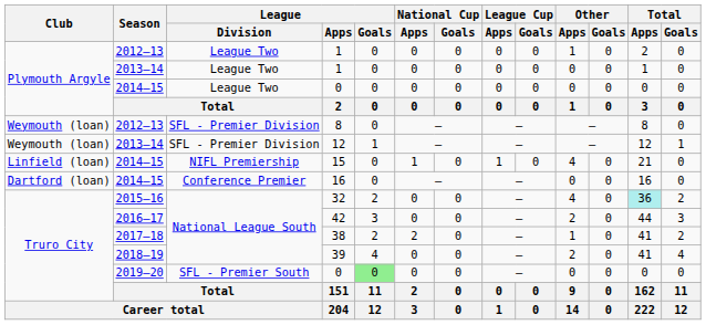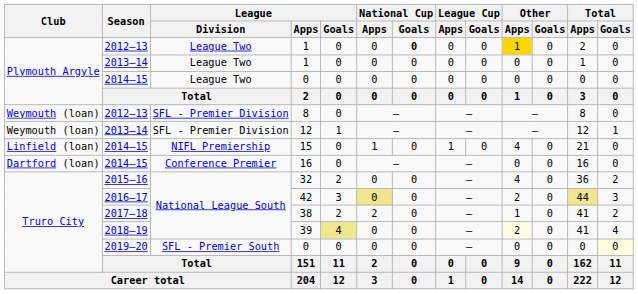 <table class="wikitable" style="text-align: center">
 <tr>
 <th rowspan="2">Club</th>
 <th rowspan="2">Season</th>
 <th colspan="3">League</th>
 <th colspan="2">National Cup</th>
 <th colspan="2">League Cup</th>
 <th colspan="2">Other</th>
 <th colspan="2">Total</th>
 </tr>
 <tr>
 <th>Division</th>
 <th>Apps</th>
 <th>Goals</th>
 <th>Apps</th>
 <th>Goals</th>
 <th>Apps</th>
 <th>Goals</th>
 <th>Apps</th>
 <th>Goals</th>
 <th>Apps</th>
 <th>Goals</th>
 </tr>
 <tr>
 <td rowspan="4"><a href='#'>Plymouth Argyle</a></td>
 <td><a href='#'>2012–13</a></td>
 <td><a href='#'>League Two</a></td>
 <td>1</td>
 <td>0</td>
 <td>0</td>
+<td><strong>0</strong></td>
 <td>0</td>
 <td>0</td>
-<td>0</td>
-<td>1</td>
+<td style="background: gold;">1</td>
 <td>0</td>
 <td>2</td>
 <td>0</td>
 </tr>
 <tr>
 <td><a href='#'>2013–14</a></td>
 <td>League Two</td>
 <td>1</td>
 <td>0</td>
 <td>0</td>
 <td>0</td>
 <td>0</td>
 <td>0</td>
 <td>0</td>
 <td>0</td>
 <td>1</td>
 <td>0</td>
 </tr>
 <tr>
 <td><a href='#'>2014–15</a></td>
 <td>League Two</td>
 <td>0</td>
 <td>0</td>
 <td>0</td>
 <td>0</td>
 <td>0</td>
 <td>0</td>
 <td>0</td>
 <td>0</td>
 <td>0</td>
 <td>0</td>
 </tr>
 <tr>
 <th colspan="2">Total</th>
 <th>2</th>
 <th>0</th>
 <th>0</th>
 <th>0</th>
 <th>0</th>
 <th>0</th>
 <th>1</th>
 <th>0</th>
 <th>3</th>
 <th>0</th>
 </tr>
 <tr>
 <td><a href='#'>Weymouth</a> (loan)</td>
 <td><a href='#'>2012–13</a></td>
 <td><a href='#'>SFL - Premier Division</a></td>
 <td>8</td>
 <td>0</td>
 <td colspan="2">—</td>
 <td colspan="2">—</td>
 <td colspan="2">—</td>
 <td>8</td>
 <td>0</td>
 </tr>
 <tr>
 <td Weymouth F.C.>Weymouth (loan)</td>
 <td><a href='#'>2013–14</a></td>
 <td>SFL - Premier Division</td>
 <td>12</td>
 <td>1</td>
 <td colspan="2">—</td>
 <td colspan="2">—</td>
 <td colspan="2">—</td>
 <td>12</td>
 <td>1</td>
 </tr>
 <tr>
 <td><a href='#'>Linfield</a> (loan)</td>
 <td><a href='#'>2014–15</a></td>
 <td><a href='#'>NIFL Premiership</a></td>
 <td>15</td>
 <td>0</td>
 <td>1</td>
 <td>0</td>
 <td>1</td>
 <td>0</td>
 <td>4</td>
 <td>0</td>
 <td>21</td>
 <td>0</td>
 </tr>
 <tr>
 <td><a href='#'>Dartford</a> (loan)</td>
 <td><a href='#'>2014–15</a></td>
 <td><a href='#'>Conference Premier</a></td>
 <td>16</td>
 <td>0</td>
 <td colspan="2">—</td>
 <td colspan="2">—</td>
 <td>0</td>
 <td>0</td>
 <td>16</td>
 <td>0</td>
 </tr>
 <tr>
 <td rowspan="6"><a href='#'>Truro City</a></td>
 <td><a href='#'>2015–16</a></td>
 <td rowspan="4"><a href='#'>National League South</a></td>
 <td>32</td>
 <td>2</td>
 <td>0</td>
 <td>0</td>
 <td colspan="2">—</td>
 <td>4</td>
 <td>0</td>
-<td style="background: paleturquoise;">36</td>
+<td>36</td>
 <td>2</td>
 </tr>
 <tr>
 <td><a href='#'>2016–17</a></td>
 <td>42</td>
 <td>3</td>
-<td>0</td>
+<td style="background: khaki;">0</td>
 <td>0</td>
 <td colspan="2">—</td>
 <td>2</td>
 <td>0</td>
-<td>44</td>
+<td style="background: khaki;">44</td>
 <td>3</td>
 </tr>
 <tr>
 <td><a href='#'>2017–18</a></td>
 <td>38</td>
 <td>2</td>
 <td>2</td>
 <td>0</td>
 <td colspan="2">—</td>
 <td>1</td>
 <td>0</td>
 <td>41</td>
 <td>2</td>
 </tr>
 <tr>
 <td><a href='#'>2018–19</a></td>
 <td>39</td>
-<td>4</td>
+<td style="background: khaki;">4</td>
 <td>0</td>
 <td>0</td>
 <td colspan="2">—</td>
-<td>2</td>
+<td style="background: lightyellow;">2</td>
 <td>0</td>
 <td>41</td>
 <td>4</td>
 </tr>
 <tr>
 <td rowspan="1"><a href='#'>2019–20</a></td>
 <td><a href='#'>SFL - Premier South</a></td>
 <td>0</td>
-<td style="background: lightgreen;">0</td>
+<td>0</td>
 <td>0</td>
 <td>0</td>
 <td colspan="2">—</td>
 <td>0</td>
 <td>0</td>
 <td>0</td>
-<td>0</td>
+<td style="background: lightyellow;">0</td>
 </tr>
 <tr>
 <th colspan="2">Total</th>
 <th>151</th>
 <th>11</th>
 <th>2</th>
 <th>0</th>
 <th>0</th>
 <th>0</th>
 <th>9</th>
 <th>0</th>
 <th>162</th>
 <th>11</th>
 </tr>
 <tr>
 <th colspan="3">Career total</th>
 <th>204</th>
 <th>12</th>
 <th>3</th>
 <th>0</th>
 <th>1</th>
 <th>0</th>
 <th>14</th>
 <th>0</th>
 <th>222</th>
 <th>12</th>
 </tr>
 </table>
